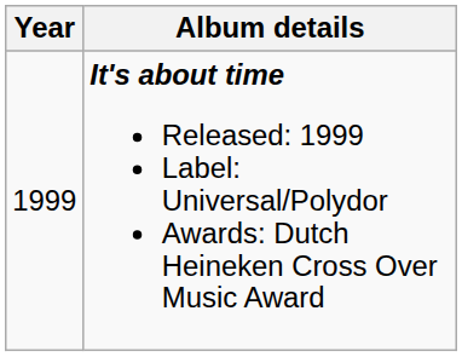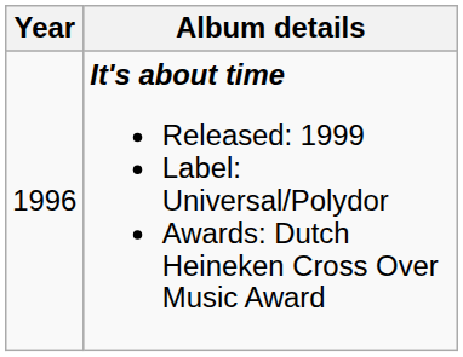 <table class="wikitable" style="text-align:center;">
 <tr>
 <th rowspan="1" style="width:30px;">Year</th>
 <th rowspan="1" style="width:200px;">Album details</th>
 </tr>
 <tr>
-<td style="text-align:left;">1999</td>
+<td style="text-align:left;">1996</td>
 <td style="text-align:left;"><strong><em>It's about time</em></strong><br><ul><li>Released: 1999</li><li>Label: Universal/Polydor</li><li>Awards: Dutch Heineken Cross Over Music Award</li></ul></td>
 </tr>
 </table>
